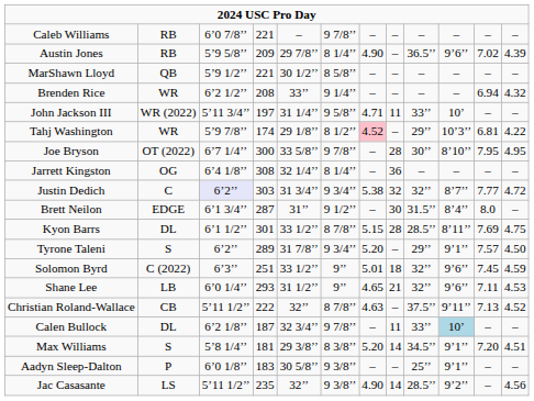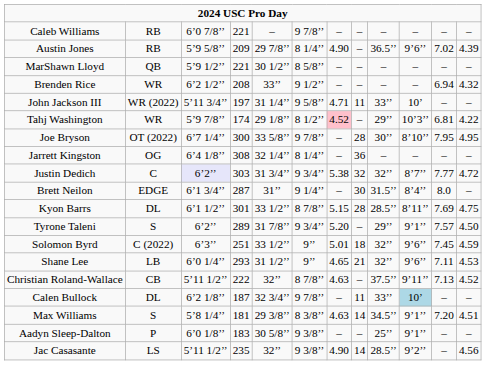 <table class="wikitable sortable" style="text-align:center" "width:75%;">
 <tr>
 <td colspan="14" style="font-weight:bold; ">2024 USC Pro Day<br></td>
 </tr>
 <tr>
 <td>Caleb Williams</td>
 <td>RB</td>
 <td>6’0 7/8’’</td>
 <td>221</td>
 <td>–</td>
 <td>9 7/8’’</td>
 <td>–</td>
 <td>–</td>
 <td>–</td>
 <td>–</td>
 <td>–</td>
 <td>–</td>
 </tr>
 <tr>
 <td>Austin Jones</td>
 <td>RB</td>
 <td>5’9 5/8’’</td>
 <td>209</td>
 <td>29 7/8’’</td>
 <td>8 1/4’’</td>
 <td>4.90</td>
 <td>–</td>
 <td>36.5’’</td>
 <td>9’6’’</td>
 <td>7.02</td>
 <td>4.39</td>
 </tr>
 <tr>
 <td>MarShawn Lloyd</td>
 <td>QB</td>
 <td>5’9 1/2’’</td>
 <td>221</td>
 <td>30 1/2’’</td>
 <td>8 5/8’’</td>
 <td>–</td>
 <td>–</td>
 <td>–</td>
 <td>–</td>
 <td>–</td>
 <td>–</td>
 </tr>
 <tr>
 <td>Brenden Rice</td>
 <td>WR</td>
 <td>6’2 1/2’’</td>
 <td>208</td>
 <td>33’’</td>
-<td>9 1/4’’</td>
+<td>9 1/2’’</td>
 <td>–</td>
 <td>–</td>
 <td>–</td>
 <td>–</td>
 <td>6.94</td>
 <td>4.32</td>
 </tr>
 <tr>
 <td>John Jackson III</td>
 <td>WR (2022)</td>
 <td>5’11 3/4’’</td>
 <td>197</td>
 <td>31 1/4’’</td>
 <td>9 5/8’’</td>
 <td>4.71</td>
 <td>11</td>
 <td>33’’</td>
 <td>10’</td>
 <td>–</td>
 <td>–</td>
 </tr>
 <tr>
 <td>Tahj Washington</td>
 <td>WR</td>
 <td>5’9 7/8’’</td>
 <td>174</td>
 <td>29 1/8’’</td>
 <td>8 1/2’’</td>
 <td style="background: pink;">4.52</td>
 <td>–</td>
 <td>29’’</td>
 <td>10’3’’</td>
 <td>6.81</td>
 <td>4.22</td>
 </tr>
 <tr>
 <td>Joe Bryson</td>
 <td>OT (2022)</td>
 <td>6’7 1/4’’</td>
 <td>300</td>
 <td>33 5/8’’</td>
 <td>9 7/8’’</td>
 <td>–</td>
 <td>28</td>
 <td>30’’</td>
 <td>8’10’’</td>
 <td>7.95</td>
 <td>4.95</td>
 </tr>
 <tr>
 <td>Jarrett Kingston</td>
 <td>OG</td>
 <td>6’4 1/8’’</td>
 <td>308</td>
 <td>32 1/4’’</td>
 <td>8 1/4’’</td>
 <td>–</td>
 <td>36</td>
 <td>–</td>
 <td>–</td>
 <td>–</td>
 <td>–</td>
 </tr>
 <tr>
 <td>Justin Dedich</td>
 <td>C</td>
 <td style="background: lavender;">6’2’’</td>
 <td>303</td>
 <td>31 3/4’’</td>
 <td>9 3/4’’</td>
 <td>5.38</td>
 <td>32</td>
 <td>32’’</td>
 <td>8’7’’</td>
 <td>7.77</td>
 <td>4.72</td>
 </tr>
 <tr>
 <td>Brett Neilon</td>
 <td>EDGE</td>
 <td>6’1 3/4’’</td>
 <td>287</td>
 <td>31’’</td>
-<td>9 1/2’’</td>
+<td>9 1/4’’</td>
 <td>–</td>
 <td>30</td>
 <td>31.5’’</td>
 <td>8’4’’</td>
 <td>8.0</td>
 <td>–</td>
 </tr>
 <tr>
 <td>Kyon Barrs</td>
 <td>DL</td>
 <td>6’1 1/2’’</td>
 <td>301</td>
 <td>33 1/2’’</td>
 <td>8 7/8’’</td>
 <td>5.15</td>
 <td>28</td>
 <td>28.5’’</td>
 <td>8’11’’</td>
 <td>7.69</td>
 <td>4.75</td>
 </tr>
 <tr>
 <td>Tyrone Taleni</td>
 <td>S</td>
 <td>6’2’’</td>
 <td>289</td>
 <td>31 7/8’’</td>
 <td>9 3/4’’</td>
 <td>5.20</td>
 <td>–</td>
 <td>29’’</td>
 <td>9’1’’</td>
 <td>7.57</td>
 <td>4.50</td>
 </tr>
 <tr>
 <td>Solomon Byrd</td>
 <td>C (2022)</td>
 <td>6’3’’</td>
 <td>251</td>
 <td>33 1/2’’</td>
 <td>9’’</td>
 <td>5.01</td>
 <td>18</td>
 <td>32’’</td>
 <td>9’6’’</td>
 <td>7.45</td>
 <td>4.59</td>
 </tr>
 <tr>
 <td>Shane Lee</td>
 <td>LB</td>
 <td>6’0 1/4’’</td>
 <td>293</td>
 <td>31 1/2’’</td>
 <td>9’’</td>
 <td>4.65</td>
 <td>21</td>
 <td>32’’</td>
 <td>9’6’’</td>
 <td>7.11</td>
 <td>4.53</td>
 </tr>
 <tr>
 <td>Christian Roland-Wallace</td>
 <td>CB</td>
 <td>5’11 1/2’’</td>
 <td>222</td>
 <td>32’’</td>
 <td>8 7/8’’</td>
 <td>4.63</td>
 <td>–</td>
 <td>37.5’’</td>
 <td>9’11’’</td>
 <td>7.13</td>
 <td>4.52</td>
 </tr>
 <tr>
 <td>Calen Bullock</td>
 <td>DL</td>
 <td>6’2 1/8’’</td>
 <td>187</td>
 <td>32 3/4’’</td>
 <td>9 7/8’’</td>
 <td>–</td>
 <td>11</td>
 <td>33’’</td>
 <td style="background: lightblue;">10’</td>
 <td>–</td>
 <td>–</td>
 </tr>
 <tr>
 <td>Max Williams</td>
 <td>S</td>
 <td>5’8 1/4’’</td>
 <td>181</td>
 <td>29 3/8’’</td>
 <td>8 3/8’’</td>
-<td>5.20</td>
+<td>4.63</td>
 <td>14</td>
 <td>34.5’’</td>
 <td>9’1’’</td>
 <td>7.20</td>
 <td>4.51</td>
 </tr>
 <tr>
 <td>Aadyn Sleep-Dalton</td>
 <td>P</td>
 <td>6’0 1/8’’</td>
 <td>183</td>
 <td>30 5/8’’</td>
 <td>9 3/8’’</td>
 <td>–</td>
 <td>–</td>
 <td>25’’</td>
 <td>9’1’’</td>
 <td>–</td>
 <td>–</td>
 </tr>
 <tr>
 <td>Jac Casasante</td>
 <td>LS</td>
 <td>5’11 1/2’’</td>
 <td>235</td>
 <td>32’’</td>
 <td>9 3/8’’</td>
 <td>4.90</td>
 <td>14</td>
 <td>28.5’’</td>
 <td>9’2’’</td>
 <td>–</td>
 <td>4.56</td>
 </tr>
 </table>
